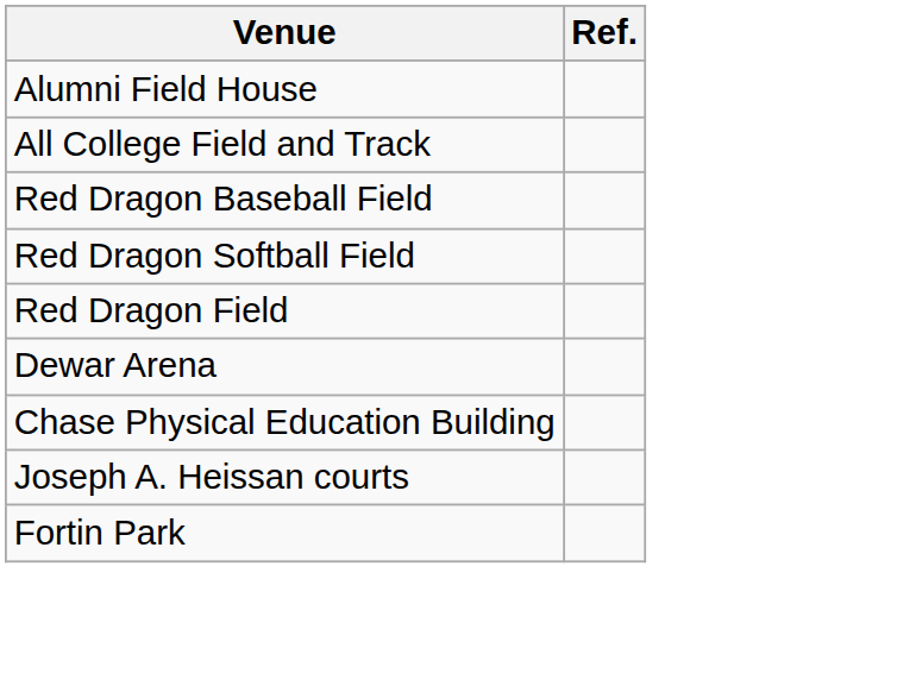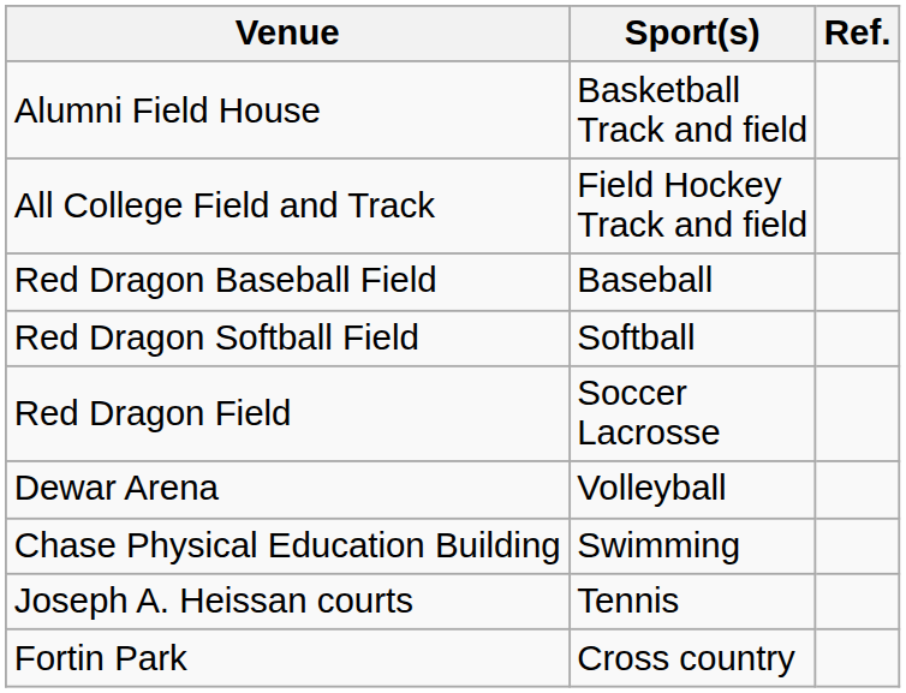 <table class="wikitable"; style= "text-align: ">
 <tr>
 <th width=px>Venue</th>
+<th width=px>Sport(s)</th>
 <th width=px>Ref.</th>
 </tr>
 <tr>
 <td>Alumni Field House</td>
+<td>Basketball <br> Track and field </td>
 <td></td>
 </tr>
 <tr>
 <td>All College Field and Track</td>
+<td>Field Hockey <br> Track and field </td>
 <td></td>
 </tr>
 <tr>
 <td>Red Dragon Baseball Field</td>
+<td>Baseball</td>
 <td></td>
 </tr>
 <tr>
 <td>Red Dragon Softball Field</td>
+<td>Softball</td>
 <td></td>
 </tr>
 <tr>
 <td>Red Dragon Field</td>
+<td>Soccer <br> Lacrosse</td>
 <td></td>
 </tr>
 <tr>
 <td>Dewar Arena</td>
+<td>Volleyball</td>
 <td></td>
 </tr>
 <tr>
 <td>Chase Physical Education Building</td>
+<td>Swimming</td>
 <td></td>
 </tr>
 <tr>
 <td>Joseph A. Heissan courts</td>
+<td>Tennis</td>
 <td></td>
 </tr>
 <tr>
 <td>Fortin Park</td>
+<td>Cross country</td>
 <td></td>
 </tr>
 </table>
